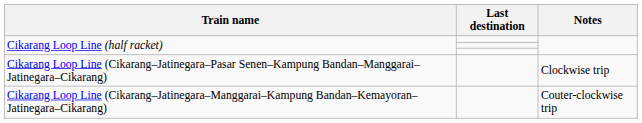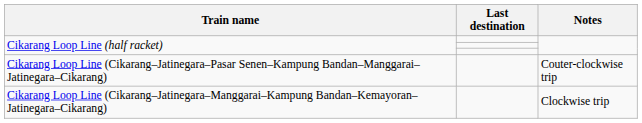 <table class="wikitable">
 <tr>
 <th>Train name</th>
 <th>Last destination</th>
 <th>Notes</th>
 </tr>
 <tr>
 <td rowspan="3"> <a href='#'>Cikarang Loop Line</a> <em>(half racket)</em></td>
 <td></td>
 <td rowspan="3"></td>
 </tr>
 <tr>
 <td></td>
 </tr>
 <tr>
 <td></td>
 </tr>
 <tr>
 <td> <a href='#'>Cikarang Loop Line</a> (Cikarang–Jatinegara–Pasar Senen–Kampung Bandan–Manggarai–Jatinegara–Cikarang)</td>
 <td></td>
-<td>Clockwise trip</td>
+<td>Couter-clockwise trip</td>
 </tr>
 <tr>
 <td> <a href='#'>Cikarang Loop Line</a> (Cikarang–Jatinegara–Manggarai–Kampung Bandan–Kemayoran–Jatinegara–Cikarang)</td>
 <td></td>
-<td>Couter-clockwise trip</td>
+<td>Clockwise trip</td>
 </tr>
 </table>
